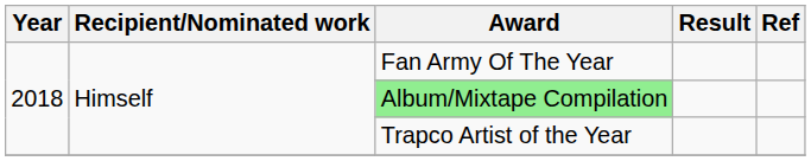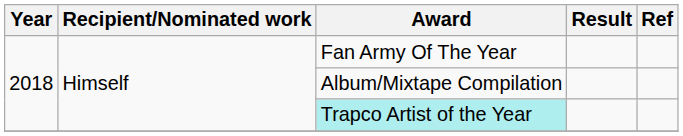 <table class="wikitable">
 <tr>
 <th>Year</th>
 <th>Recipient/Nominated work</th>
 <th>Award</th>
 <th>Result</th>
 <th>Ref</th>
 </tr>
 <tr>
 <td rowspan="3">2018</td>
 <td rowspan="3">Himself</td>
 <td>Fan Army Of The Year</td>
 <td></td>
 <td></td>
 </tr>
 <tr>
-<td style="background: lightgreen;">Album/Mixtape Compilation</td>
+<td>Album/Mixtape Compilation</td>
 <td></td>
 <td></td>
 </tr>
 <tr>
-<td>Trapco Artist of the Year</td>
+<td style="background: paleturquoise;">Trapco Artist of the Year</td>
 <td></td>
 <td></td>
 </tr>
 <tr>
 </tr>
 </table>
